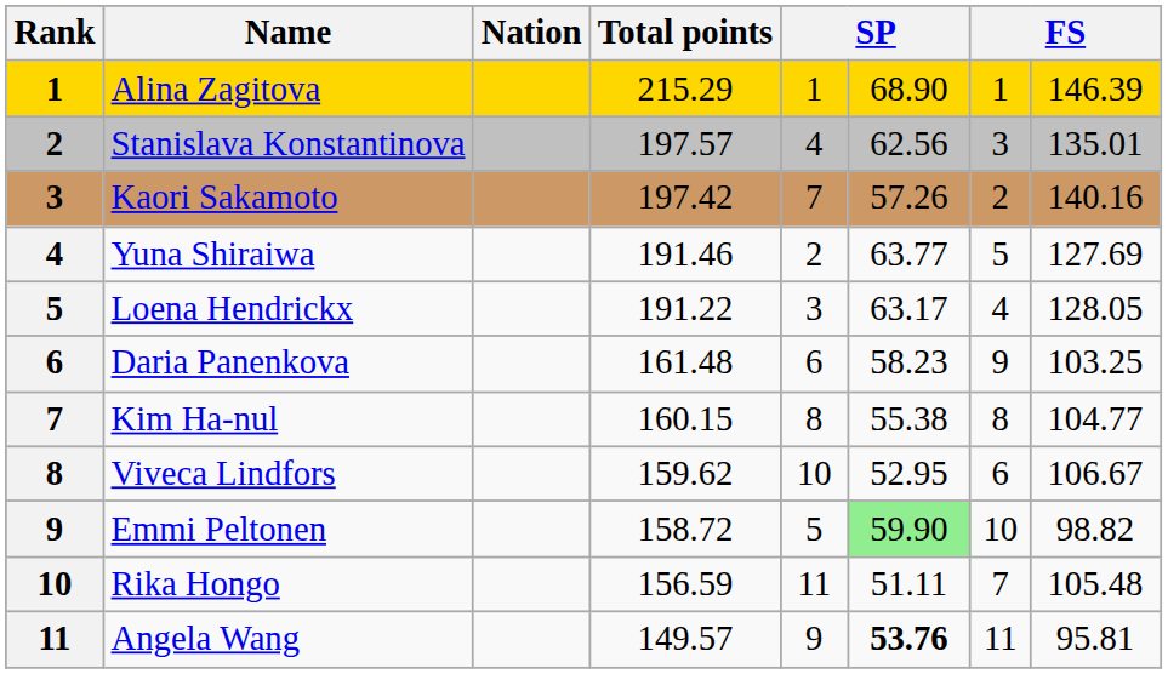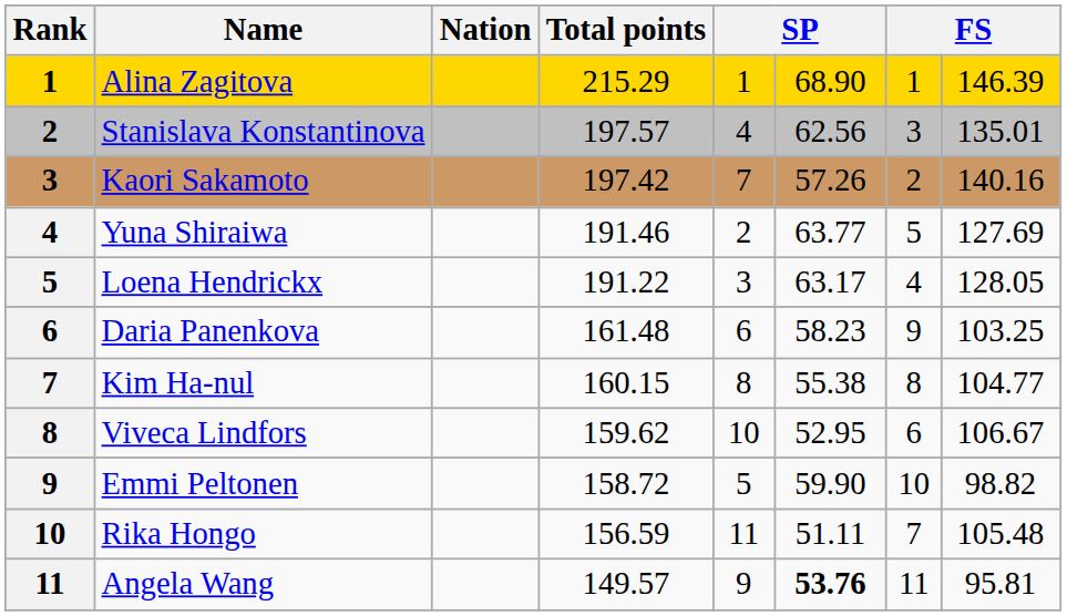 <table class="wikitable sortable">
 <tr>
 <th>Rank</th>
 <th>Name</th>
 <th>Nation</th>
 <th>Total points</th>
 <th colspan="2" width="80px"><a href='#'>SP</a></th>
 <th colspan="2" width="80px"><a href='#'>FS</a></th>
 </tr>
 <tr bgcolor="gold">
 <td align="center"><strong>1</strong></td>
 <td><a href='#'>Alina Zagitova</a></td>
 <td></td>
 <td align="center">215.29</td>
 <td align="center">1</td>
 <td align="center">68.90</td>
 <td align="center">1</td>
 <td align="center">146.39</td>
 </tr>
 <tr bgcolor="silver">
 <td align="center"><strong>2</strong></td>
 <td><a href='#'>Stanislava Konstantinova</a></td>
 <td></td>
 <td align="center">197.57</td>
 <td align="center">4</td>
 <td align="center">62.56</td>
 <td align="center">3</td>
 <td align="center">135.01</td>
 </tr>
 <tr bgcolor="cc9966">
 <td align="center"><strong>3</strong></td>
 <td><a href='#'>Kaori Sakamoto</a></td>
 <td></td>
 <td align="center">197.42</td>
 <td align="center">7</td>
 <td align="center">57.26</td>
 <td align="center">2</td>
 <td align="center">140.16</td>
 </tr>
 <tr>
 <th>4</th>
 <td><a href='#'>Yuna Shiraiwa</a></td>
 <td></td>
 <td align="center">191.46</td>
 <td align="center">2</td>
 <td align="center">63.77</td>
 <td align="center">5</td>
 <td align="center">127.69</td>
 </tr>
 <tr>
 <th>5</th>
 <td><a href='#'>Loena Hendrickx</a></td>
 <td></td>
 <td align="center">191.22</td>
 <td align="center">3</td>
 <td align="center">63.17</td>
 <td align="center">4</td>
 <td align="center">128.05</td>
 </tr>
 <tr>
 <th>6</th>
 <td><a href='#'>Daria Panenkova</a></td>
 <td></td>
 <td align="center">161.48</td>
 <td align="center">6</td>
 <td align="center">58.23</td>
 <td align="center">9</td>
 <td align="center">103.25</td>
 </tr>
 <tr>
 <th>7</th>
 <td><a href='#'>Kim Ha-nul</a></td>
 <td></td>
 <td align="center">160.15</td>
 <td align="center">8</td>
 <td align="center">55.38</td>
 <td align="center">8</td>
 <td align="center">104.77</td>
 </tr>
 <tr>
 <th>8</th>
 <td><a href='#'>Viveca Lindfors</a></td>
 <td></td>
 <td align="center">159.62</td>
 <td align="center">10</td>
 <td align="center">52.95</td>
 <td align="center">6</td>
 <td align="center">106.67</td>
 </tr>
 <tr>
 <th>9</th>
 <td><a href='#'>Emmi Peltonen</a></td>
 <td></td>
 <td align="center">158.72</td>
 <td align="center">5</td>
-<td align="center" style="background: lightgreen;">59.90</td>
+<td align="center">59.90</td>
 <td align="center">10</td>
 <td align="center">98.82</td>
 </tr>
 <tr>
 <th>10</th>
 <td><a href='#'>Rika Hongo</a></td>
 <td></td>
 <td align="center">156.59</td>
 <td align="center">11</td>
 <td align="center">51.11</td>
 <td align="center">7</td>
 <td align="center">105.48</td>
 </tr>
 <tr>
 <th>11</th>
 <td><a href='#'>Angela Wang</a></td>
 <td></td>
 <td align="center">149.57</td>
 <td align="center">9</td>
 <td align="center"><strong>53.76</strong></td>
 <td align="center">11</td>
 <td align="center">95.81</td>
 </tr>
 </table>
